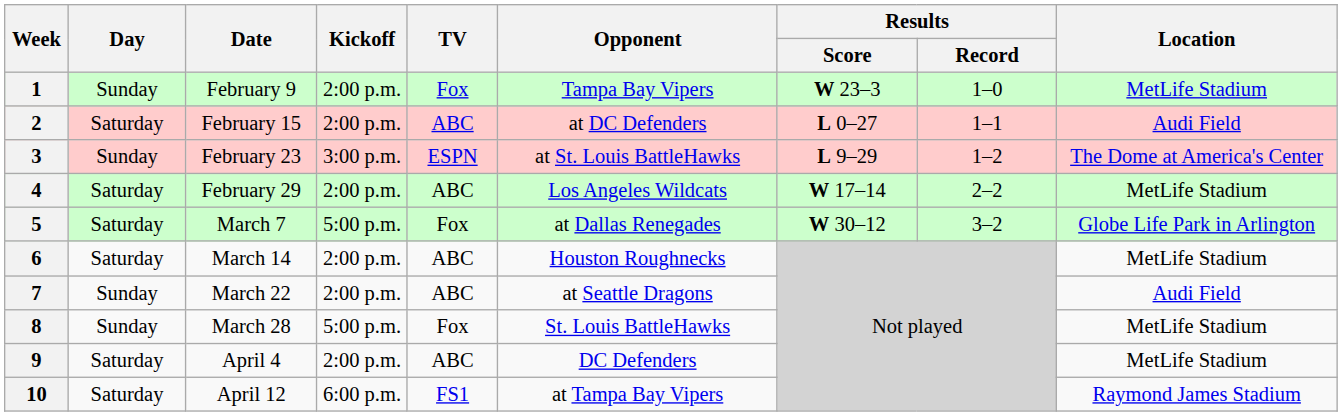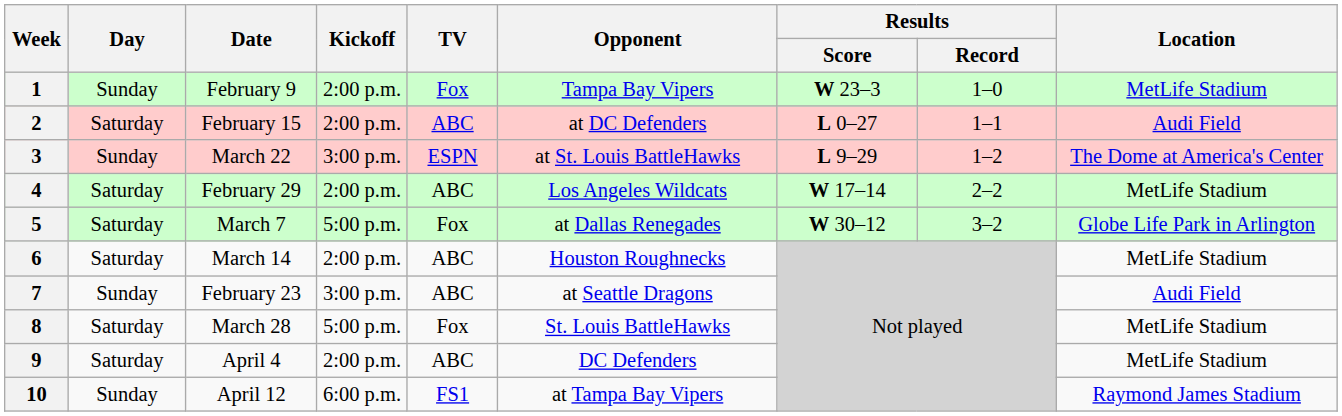 <table class="wikitable" style="text-align:center; font-size: 95%;">
 <tr>
 <th rowspan="2" width="40">Week</th>
 <th rowspan="2" width="80">Day</th>
 <th rowspan="2" width="90">Date</th>
 <th rowspan="2" width="60">Kickoff</th>
 <th rowspan="2" width="60">TV</th>
 <th rowspan="2" width="200">Opponent</th>
 <th colspan="2" width="200">Results</th>
 <th rowspan="2" width="200">Location</th>
 </tr>
 <tr>
 <th width="60">Score</th>
 <th width="60">Record</th>
 </tr>
 <tr bgcolor=#ccffcc>
 <th>1</th>
 <td>Sunday</td>
 <td>February 9</td>
 <td>2:00 p.m.</td>
 <td><a href='#'>Fox</a></td>
 <td><a href='#'>Tampa Bay Vipers</a></td>
 <td><strong>W</strong> 23–3</td>
 <td>1–0</td>
 <td><a href='#'>MetLife Stadium</a></td>
 </tr>
 <tr bgcolor=#ffcccc>
 <th>2</th>
 <td>Saturday</td>
 <td>February 15</td>
 <td>2:00 p.m.</td>
 <td><a href='#'>ABC</a></td>
 <td>at <a href='#'>DC Defenders</a></td>
 <td><strong>L</strong> 0–27</td>
 <td>1–1</td>
 <td><a href='#'>Audi Field</a></td>
 </tr>
 <tr bgcolor=#ffcccc>
 <th>3</th>
 <td>Sunday</td>
-<td>February 23</td>
+<td>March 22</td>
 <td>3:00 p.m.</td>
 <td><a href='#'>ESPN</a></td>
 <td>at <a href='#'>St. Louis BattleHawks</a></td>
 <td><strong>L</strong> 9–29</td>
 <td>1–2</td>
 <td><a href='#'>The Dome at America's Center</a></td>
 </tr>
 <tr bgcolor=#ccffcc>
 <th>4</th>
 <td>Saturday</td>
 <td>February 29</td>
 <td>2:00 p.m.</td>
 <td>ABC</td>
 <td><a href='#'>Los Angeles Wildcats</a></td>
 <td><strong>W</strong> 17–14</td>
 <td>2–2</td>
 <td>MetLife Stadium</td>
 </tr>
 <tr bgcolor=#ccffcc>
 <th>5</th>
 <td>Saturday</td>
 <td>March 7</td>
 <td>5:00 p.m.</td>
 <td>Fox</td>
 <td>at <a href='#'>Dallas Renegades</a></td>
 <td><strong>W</strong> 30–12</td>
 <td>3–2</td>
 <td><a href='#'>Globe Life Park in Arlington</a></td>
 </tr>
 <tr bgcolor=>
 <th>6</th>
 <td>Saturday</td>
 <td>March 14</td>
 <td>2:00 p.m.</td>
 <td>ABC</td>
 <td><a href='#'>Houston Roughnecks</a></td>
 <td colspan=2 rowspan=5 bgcolor=lightgrey>Not played</td>
 <td>MetLife Stadium</td>
 </tr>
 <tr bgcolor=>
 <th>7</th>
 <td>Sunday</td>
-<td>March 22</td>
-<td>2:00 p.m.</td>
+<td>February 23</td>
+<td>3:00 p.m.</td>
 <td>ABC</td>
 <td>at <a href='#'>Seattle Dragons</a></td>
 <td><a href='#'>Audi Field</a></td>
 </tr>
 <tr bgcolor=>
 <th>8</th>
-<td>Sunday</td>
+<td>Saturday</td>
 <td>March 28</td>
 <td>5:00 p.m.</td>
 <td>Fox</td>
 <td><a href='#'>St. Louis BattleHawks</a></td>
 <td>MetLife Stadium</td>
 </tr>
 <tr bgcolor=>
 <th>9</th>
 <td>Saturday</td>
 <td>April 4</td>
 <td>2:00 p.m.</td>
 <td>ABC</td>
 <td><a href='#'>DC Defenders</a></td>
 <td>MetLife Stadium</td>
 </tr>
 <tr bgcolor=>
 <th>10</th>
-<td>Saturday</td>
+<td>Sunday</td>
 <td>April 12</td>
 <td>6:00 p.m.</td>
 <td><a href='#'>FS1</a></td>
 <td>at <a href='#'>Tampa Bay Vipers</a></td>
 <td><a href='#'>Raymond James Stadium</a></td>
 </tr>
 </table>
